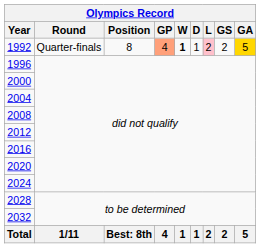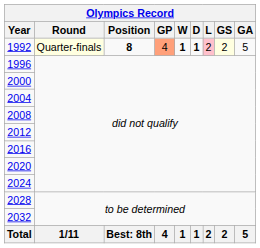 <table class="wikitable" style="text-align:center; font-size:89%;">
 <tr>
 <th colspan=9><a href='#'>Olympics Record</a></th>
 </tr>
 <tr>
 <th>Year</th>
 <th>Round</th>
 <th>Position</th>
 <th>GP</th>
 <th>W</th>
 <th>D</th>
 <th>L</th>
 <th>GS</th>
 <th>GA</th>
 </tr>
 <tr>
 <td> <a href='#'>1992</a></td>
-<td>Quarter-finals</td>
-<td>8</td>
+<td style="background: lightyellow;">Quarter-finals</td>
+<td><strong>8</strong></td>
 <td style="background: lightsalmon;">4</td>
 <td><strong>1</strong></td>
-<td>1</td>
+<td><strong>1</strong></td>
 <td style="background: pink;">2</td>
-<td>2</td>
-<td style="background: gold;">5</td>
+<td style="background: lightyellow;">2</td>
+<td>5</td>
 </tr>
 <tr>
 <td> <a href='#'>1996</a></td>
 <td colspan=8 rowspan=8><em>did not qualify</em></td>
 </tr>
 <tr>
 <td> <a href='#'>2000</a></td>
 </tr>
 <tr>
 <td> <a href='#'>2004</a></td>
 </tr>
 <tr>
 <td> <a href='#'>2008</a></td>
 </tr>
 <tr>
 <td> <a href='#'>2012</a></td>
 </tr>
 <tr>
 <td> <a href='#'>2016</a></td>
 </tr>
 <tr>
 <td> <a href='#'>2020</a></td>
 </tr>
 <tr>
 <td> <a href='#'>2024</a></td>
 </tr>
 <tr>
 <td> <a href='#'>2028</a></td>
 <td colspan=8 rowspan=2><em>to be determined</em></td>
 </tr>
 <tr>
 <td> <a href='#'>2032</a></td>
 </tr>
 <tr>
 <th>Total</th>
 <th>1/11</th>
 <th>Best: 8th</th>
 <th>4</th>
 <th>1</th>
 <th>1</th>
 <th>2</th>
 <th>2</th>
 <th>5</th>
 </tr>
 </table>
